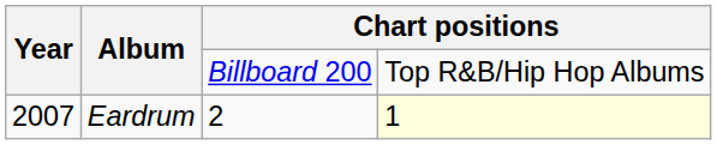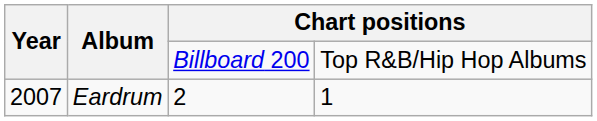 <table class="wikitable">
 <tr>
 <th rowspan="2">Year</th>
 <th rowspan="2">Album</th>
 <th colspan="2">Chart positions</th>
 </tr>
 <tr>
 <td><a href='#'><em>Billboard</em> 200</a></td>
 <td>Top R&B/Hip Hop Albums</td>
 </tr>
 <tr>
 <td>2007</td>
 <td><em>Eardrum</em></td>
 <td>2</td>
-<td style="background: lightyellow;">1</td>
+<td>1</td>
 </tr>
 </table>
